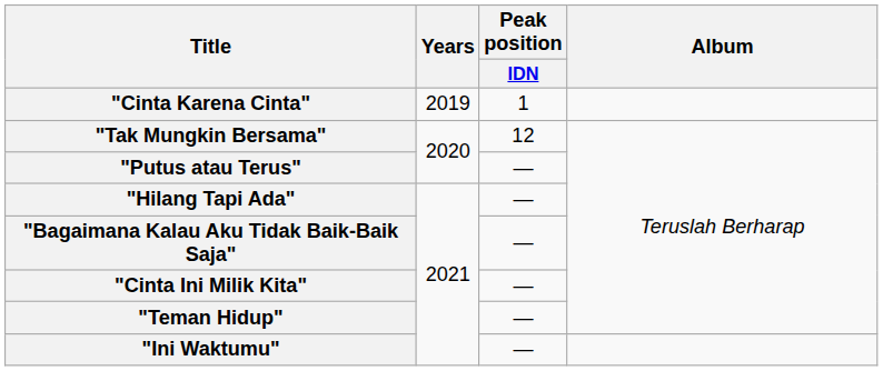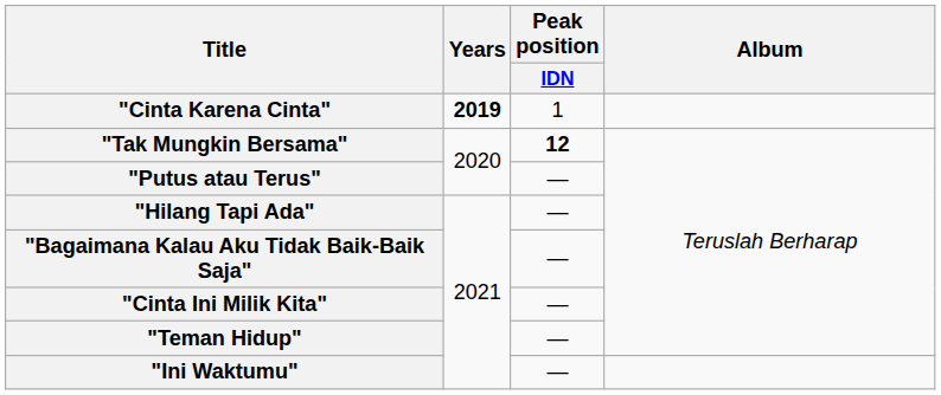 <table class="wikitable plainrowheaders" style="text-align:center">
 <tr>
 <th rowspan="2" scope="col" style="width:20em;">Title</th>
 <th rowspan="2" scope="col">Years</th>
 <th colspan="1" scope="col">Peak<br>position</th>
 <th rowspan="2" scope="col" style="width:15em;">Album</th>
 </tr>
 <tr>
 <th scope="col" style="width:3em;font-size:90%;"><a href='#'>IDN</a><br></th>
 </tr>
 <tr>
 <th scope="row">"Cinta Karena Cinta"</th>
-<td>2019</td>
+<td><strong>2019</strong></td>
 <td>1</td>
 <td></td>
 </tr>
 <tr>
 <th scope="row">"Tak Mungkin Bersama"</th>
 <td rowspan="2">2020</td>
-<td>12</td>
+<td><strong>12</strong></td>
 <td rowspan="6"><em>Teruslah Berharap</em></td>
 </tr>
 <tr>
 <th scope="row">"Putus atau Terus"</th>
 <td>—</td>
 </tr>
 <tr>
 <th scope="row">"Hilang Tapi Ada"</th>
 <td rowspan="5">2021</td>
 <td>—</td>
 </tr>
 <tr>
 <th scope="row">"Bagaimana Kalau Aku Tidak Baik-Baik Saja"</th>
 <td>—</td>
 </tr>
 <tr>
 <th scope="row">"Cinta Ini Milik Kita" </th>
 <td>—</td>
 </tr>
 <tr>
 <th scope="row">"Teman Hidup"</th>
 <td>—</td>
 </tr>
 <tr>
 <th scope="row">"Ini Waktumu"</th>
 <td>—</td>
 <td></td>
 </tr>
 </table>
